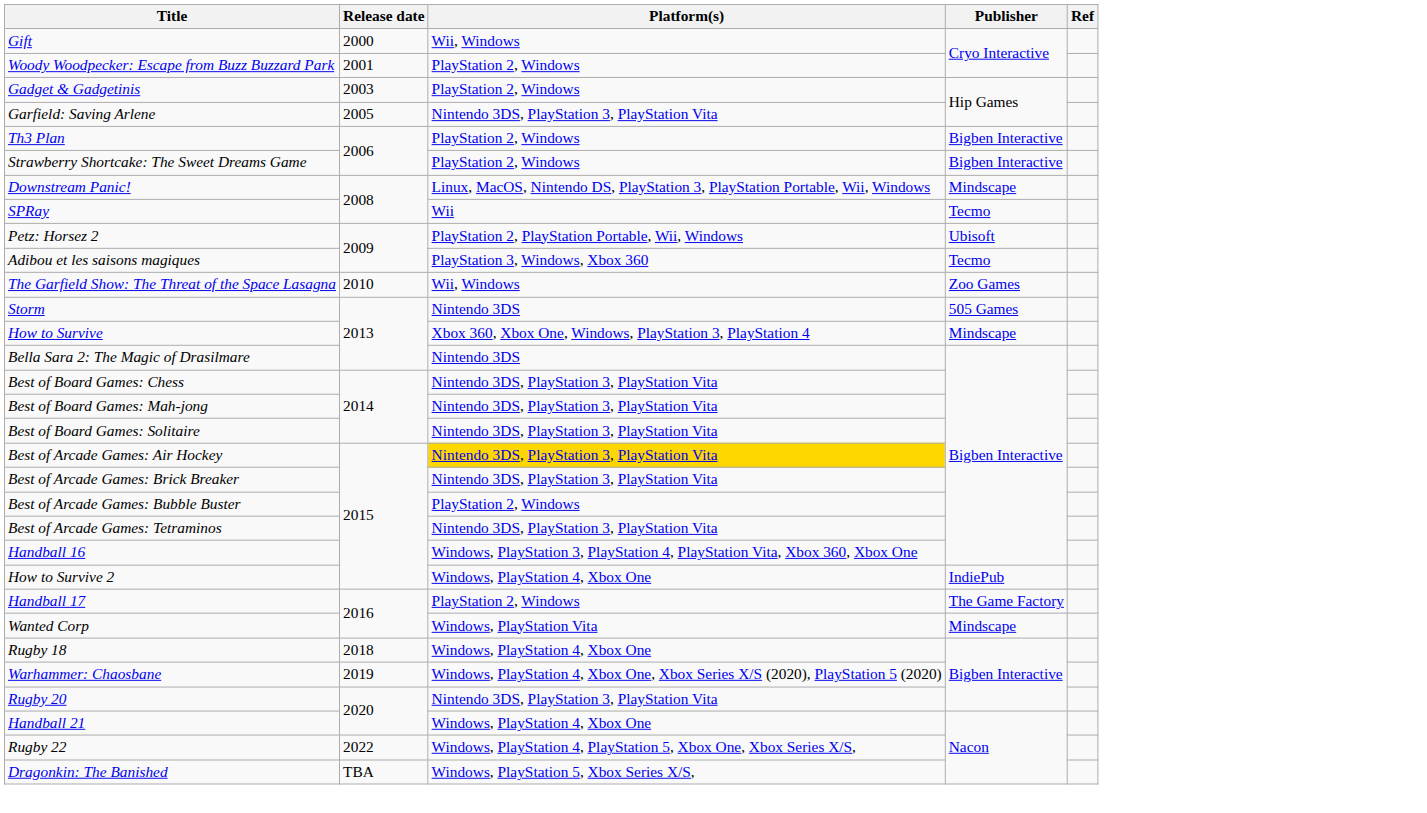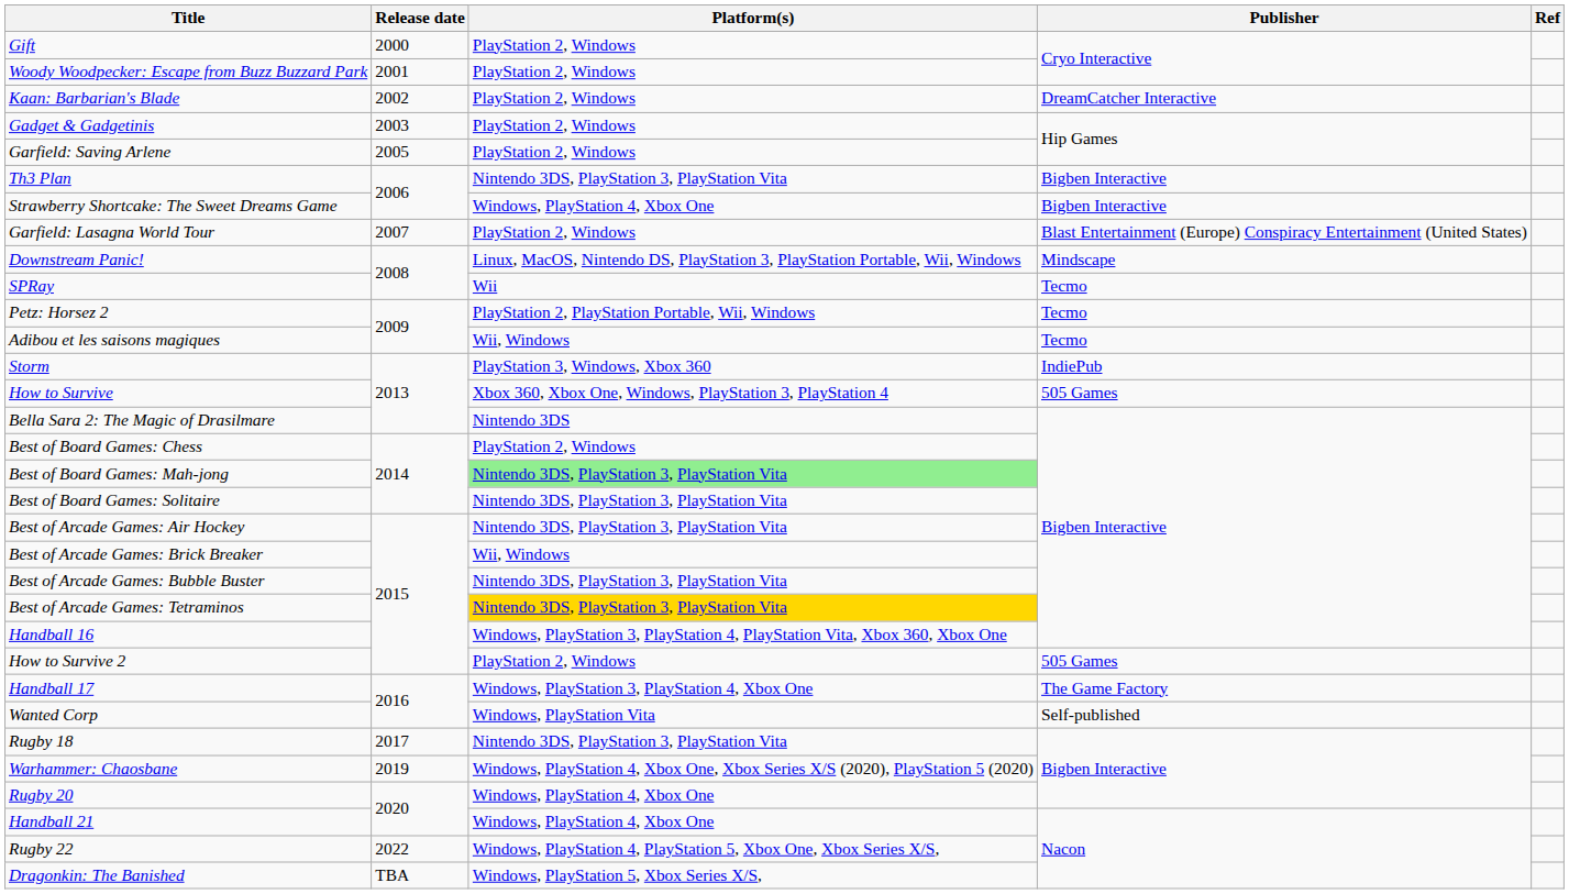 <table class="wikitable sortable">
 <tr>
 <th>Title</th>
 <th>Release date</th>
 <th>Platform(s)</th>
 <th>Publisher</th>
 <th>Ref</th>
 </tr>
 <tr>
 <td><a href='#'><em>Gift</em></a></td>
 <td>2000</td>
-<td><a href='#'>Wii</a>, <a href='#'>Windows</a></td>
+<td><a href='#'>PlayStation 2</a>, <a href='#'>Windows</a></td>
 <td rowspan="2"><a href='#'>Cryo Interactive</a></td>
 <td></td>
 </tr>
 <tr>
 <td><em><a href='#'>Woody Woodpecker: Escape from Buzz Buzzard Park</a></em></td>
 <td>2001</td>
 <td><a href='#'>PlayStation 2</a>, <a href='#'>Windows</a></td>
+<td></td>
+</tr>
+<tr>
+<td><em><a href='#'>Kaan: Barbarian's Blade</a></em></td>
+<td>2002</td>
+<td><a href='#'>PlayStation 2</a>, <a href='#'>Windows</a></td>
+<td><a href='#'>DreamCatcher Interactive</a></td>
 <td></td>
 </tr>
 <tr>
 <td><a href='#'><em>Gadget & Gadgetinis</em></a></td>
 <td>2003</td>
 <td><a href='#'>PlayStation 2</a>, <a href='#'>Windows</a></td>
 <td rowspan="2">Hip Games</td>
 <td></td>
 </tr>
 <tr>
 <td><em>Garfield: Saving Arlene</em></td>
 <td>2005</td>
-<td><a href='#'>Nintendo 3DS</a>, <a href='#'>PlayStation 3</a>, <a href='#'>PlayStation Vita</a></td>
+<td><a href='#'>PlayStation 2</a>, <a href='#'>Windows</a></td>
 </tr>
 <tr>
 <td><a href='#'><em>Th3 Plan</em></a></td>
 <td rowspan="2">2006</td>
-<td><a href='#'>PlayStation 2</a>, <a href='#'>Windows</a></td>
+<td><a href='#'>Nintendo 3DS</a>, <a href='#'>PlayStation 3</a>, <a href='#'>PlayStation Vita</a></td>
 <td><a href='#'>Bigben Interactive</a></td>
 <td></td>
 </tr>
 <tr>
 <td><em>Strawberry Shortcake: The Sweet Dreams Game</em></td>
+<td><a href='#'>Windows</a>, <a href='#'>PlayStation 4</a>, <a href='#'>Xbox One</a></td>
+<td><a href='#'>Bigben Interactive</a></td>
+<td></td>
+</tr>
+<tr>
+<td><em>Garfield: Lasagna World Tour</em></td>
+<td>2007</td>
 <td><a href='#'>PlayStation 2</a>, <a href='#'>Windows</a></td>
-<td><a href='#'>Bigben Interactive</a></td>
+<td><a href='#'>Blast Entertainment</a> (Europe) <a href='#'>Conspiracy Entertainment</a> (United States)</td>
 <td></td>
 </tr>
 <tr>
 <td><em><a href='#'>Downstream Panic!</a></em></td>
 <td rowspan="2">2008</td>
 <td><a href='#'>Linux</a>, <a href='#'>MacOS</a>, <a href='#'>Nintendo DS</a>, <a href='#'>PlayStation 3</a>, <a href='#'>PlayStation Portable</a>, <a href='#'>Wii</a>, <a href='#'>Windows</a></td>
 <td><a href='#'>Mindscape</a></td>
 <td></td>
 </tr>
 <tr>
 <td><a href='#'><em>SPRay</em></a></td>
 <td><a href='#'>Wii</a></td>
 <td><a href='#'>Tecmo</a></td>
 <td></td>
 </tr>
 <tr>
 <td><em>Petz: Horsez 2</em></td>
 <td rowspan="2">2009</td>
 <td><a href='#'>PlayStation 2</a>, <a href='#'>PlayStation Portable</a>, <a href='#'>Wii</a>, <a href='#'>Windows</a></td>
-<td><a href='#'>Ubisoft</a></td>
+<td><a href='#'>Tecmo</a></td>
 <td></td>
 </tr>
 <tr>
 <td><em>Adibou et les saisons magiques</em></td>
-<td><a href='#'>PlayStation 3</a>, <a href='#'>Windows</a>, <a href='#'>Xbox 360</a></td>
+<td><a href='#'>Wii</a>, <a href='#'>Windows</a></td>
 <td><a href='#'>Tecmo</a></td>
-<td></td>
-</tr>
-<tr>
-<td><a href='#'><em>The Garfield Show: The Threat of the Space Lasagna</em></a></td>
-<td>2010</td>
-<td><a href='#'>Wii</a>, <a href='#'>Windows</a></td>
-<td><a href='#'>Zoo Games</a></td>
 <td></td>
 </tr>
 <tr>
 <td><em><a href='#'>Storm</a></em></td>
 <td rowspan="3">2013</td>
-<td><a href='#'>Nintendo 3DS</a></td>
-<td><a href='#'>505 Games</a></td>
+<td><a href='#'>PlayStation 3</a>, <a href='#'>Windows</a>, <a href='#'>Xbox 360</a></td>
+<td><a href='#'>IndiePub</a></td>
 <td></td>
 </tr>
 <tr>
 <td><em><a href='#'>How to Survive</a></em></td>
 <td><a href='#'>Xbox 360</a>, <a href='#'>Xbox One</a>, <a href='#'>Windows</a>, <a href='#'>PlayStation 3</a>, <a href='#'>PlayStation 4</a></td>
-<td><a href='#'>Mindscape</a></td>
+<td><a href='#'>505 Games</a></td>
 <td></td>
 </tr>
 <tr>
 <td><em>Bella Sara 2: The Magic of Drasilmare</em></td>
 <td><a href='#'>Nintendo 3DS</a></td>
 <td rowspan="9"><a href='#'>Bigben Interactive</a></td>
 <td></td>
 </tr>
 <tr>
 <td><em>Best of Board Games: Chess</em></td>
 <td rowspan="3">2014</td>
-<td><a href='#'>Nintendo 3DS</a>, <a href='#'>PlayStation 3</a>, <a href='#'>PlayStation Vita</a></td>
+<td><a href='#'>PlayStation 2</a>, <a href='#'>Windows</a></td>
 <td></td>
 </tr>
 <tr>
 <td><em>Best of Board Games: Mah-jong</em></td>
-<td><a href='#'>Nintendo 3DS</a>, <a href='#'>PlayStation 3</a>, <a href='#'>PlayStation Vita</a></td>
+<td style="background: lightgreen;"><a href='#'>Nintendo 3DS</a>, <a href='#'>PlayStation 3</a>, <a href='#'>PlayStation Vita</a></td>
 <td></td>
 </tr>
 <tr>
 <td><em>Best of Board Games: Solitaire</em></td>
 <td><a href='#'>Nintendo 3DS</a>, <a href='#'>PlayStation 3</a>, <a href='#'>PlayStation Vita</a></td>
 <td></td>
 </tr>
 <tr>
 <td><em>Best of Arcade Games: Air Hockey</em></td>
 <td rowspan="6">2015</td>
-<td style="background: gold;"><a href='#'>Nintendo 3DS</a>, <a href='#'>PlayStation 3</a>, <a href='#'>PlayStation Vita</a></td>
+<td><a href='#'>Nintendo 3DS</a>, <a href='#'>PlayStation 3</a>, <a href='#'>PlayStation Vita</a></td>
 <td></td>
 </tr>
 <tr>
 <td><em>Best of Arcade Games: Brick Breaker</em></td>
+<td><a href='#'>Wii</a>, <a href='#'>Windows</a></td>
+<td></td>
+</tr>
+<tr>
+<td><em>Best of Arcade Games: Bubble Buster</em></td>
 <td><a href='#'>Nintendo 3DS</a>, <a href='#'>PlayStation 3</a>, <a href='#'>PlayStation Vita</a></td>
 <td></td>
 </tr>
 <tr>
-<td><em>Best of Arcade Games: Bubble Buster</em></td>
-<td><a href='#'>PlayStation 2</a>, <a href='#'>Windows</a></td>
-<td></td>
-</tr>
-<tr>
 <td><em>Best of Arcade Games: Tetraminos</em></td>
-<td><a href='#'>Nintendo 3DS</a>, <a href='#'>PlayStation 3</a>, <a href='#'>PlayStation Vita</a></td>
+<td style="background: gold;"><a href='#'>Nintendo 3DS</a>, <a href='#'>PlayStation 3</a>, <a href='#'>PlayStation Vita</a></td>
 <td></td>
 </tr>
 <tr>
 <td><em><a href='#'>Handball 16</a></em></td>
 <td><a href='#'>Windows</a>, <a href='#'>PlayStation 3</a>, <a href='#'>PlayStation 4</a>, <a href='#'>PlayStation Vita</a>, <a href='#'>Xbox 360</a>, <a href='#'>Xbox One</a></td>
 <td></td>
 </tr>
 <tr>
 <td><em>How to Survive 2</em></td>
-<td><a href='#'>Windows</a>, <a href='#'>PlayStation 4</a>, <a href='#'>Xbox One</a></td>
-<td><a href='#'>IndiePub</a></td>
+<td><a href='#'>PlayStation 2</a>, <a href='#'>Windows</a></td>
+<td><a href='#'>505 Games</a></td>
 <td></td>
 </tr>
 <tr>
 <td><em><a href='#'>Handball 17</a></em></td>
 <td rowspan="2">2016</td>
-<td><a href='#'>PlayStation 2</a>, <a href='#'>Windows</a></td>
+<td><a href='#'>Windows</a>, <a href='#'>PlayStation 3</a>, <a href='#'>PlayStation 4</a>, <a href='#'>Xbox One</a></td>
 <td><a href='#'>The Game Factory</a></td>
 <td></td>
 </tr>
 <tr>
 <td><em>Wanted Corp</em></td>
 <td><a href='#'>Windows</a>, <a href='#'>PlayStation Vita</a></td>
-<td><a href='#'>Mindscape</a></td>
+<td>Self-published</td>
 <td></td>
 </tr>
 <tr>
 <td><em>Rugby 18</em></td>
-<td>2018</td>
-<td><a href='#'>Windows</a>, <a href='#'>PlayStation 4</a>, <a href='#'>Xbox One</a></td>
+<td>2017</td>
+<td><a href='#'>Nintendo 3DS</a>, <a href='#'>PlayStation 3</a>, <a href='#'>PlayStation Vita</a></td>
 <td rowspan="3"><a href='#'>Bigben Interactive</a></td>
 <td></td>
 </tr>
 <tr>
 <td><em><a href='#'>Warhammer: Chaosbane</a></em></td>
 <td>2019</td>
 <td><a href='#'>Windows</a>, <a href='#'>PlayStation 4</a>, <a href='#'>Xbox One</a>, <a href='#'>Xbox Series X/S</a> (2020), <a href='#'>PlayStation 5</a> (2020)</td>
 <td></td>
 </tr>
 <tr>
 <td><em><a href='#'>Rugby 20</a></em></td>
 <td rowspan="2">2020</td>
-<td><a href='#'>Nintendo 3DS</a>, <a href='#'>PlayStation 3</a>, <a href='#'>PlayStation Vita</a></td>
+<td><a href='#'>Windows</a>, <a href='#'>PlayStation 4</a>, <a href='#'>Xbox One</a></td>
 <td></td>
 </tr>
 <tr>
 <td><em><a href='#'>Handball 21</a></em></td>
 <td><a href='#'>Windows</a>, <a href='#'>PlayStation 4</a>, <a href='#'>Xbox One</a></td>
 <td rowspan="3'"><a href='#'>Nacon</a></td>
 <td></td>
 </tr>
 <tr>
 <td><em>Rugby 22</em></td>
 <td>2022</td>
 <td><a href='#'>Windows</a>, <a href='#'>PlayStation 4</a>, <a href='#'>PlayStation 5</a>, <a href='#'>Xbox One</a>, <a href='#'>Xbox Series X/S</a>,</td>
 <td></td>
 </tr>
 <tr>
 <td><em><a href='#'>Dragonkin: The Banished</a></em></td>
 <td>TBA</td>
 <td><a href='#'>Windows</a>, <a href='#'>PlayStation 5</a>, <a href='#'>Xbox Series X/S</a>,</td>
 <td align="center"></td>
 </tr>
 </table>
